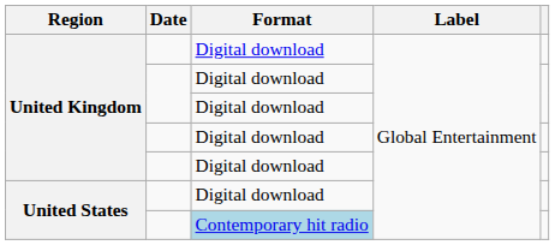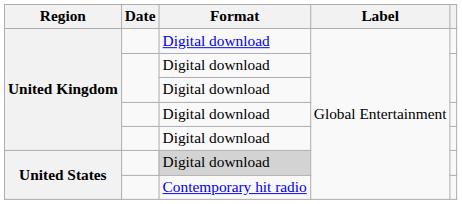 <table class="wikitable plainrowheaders">
 <tr>
 <th>Region</th>
 <th>Date</th>
 <th>Format</th>
 <th>Label</th>
 <th></th>
 </tr>
 <tr>
 <th scope="row" rowspan="5">United Kingdom</th>
 <td></td>
 <td><a href='#'>Digital download</a> </td>
 <td rowspan="7">Global Entertainment</td>
 <td></td>
 </tr>
 <tr>
 <td rowspan="2"></td>
 <td>Digital download </td>
 <td rowspan="2"></td>
 </tr>
 <tr>
 <td>Digital download </td>
 </tr>
 <tr>
 <td></td>
 <td>Digital download </td>
 <td></td>
 </tr>
 <tr>
 <td></td>
 <td>Digital download </td>
 <td></td>
 </tr>
 <tr>
 <th scope="row" rowspan="2">United States</th>
 <td></td>
-<td>Digital download </td>
+<td style="background: lightgrey;">Digital download </td>
 <td></td>
 </tr>
 <tr>
 <td></td>
-<td style="background: lightblue;"><a href='#'>Contemporary hit radio</a> </td>
+<td><a href='#'>Contemporary hit radio</a> </td>
 <td></td>
 </tr>
 </table>
